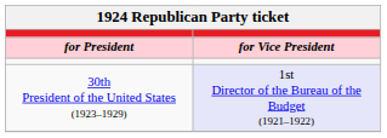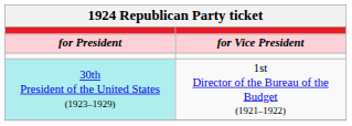 <table class="wikitable" style="font-size:90%; text-align:center;">
 <tr>
 <td style="background:#f1f1f1;" colspan="30"><big><strong>1924 Republican Party ticket</strong></big></td>
 </tr>
 <tr>
 <th style="width:3em; font-size:135%; background:#E81B23; width:200px;"><a href='#'></a></th>
 <th style="width:3em; font-size:135%; background:#E81B23; width:200px;"><a href='#'></a></th>
 </tr>
 <tr style="color:#000; font-size:100%; background:#FFD0D7;">
 <td style="width:3em; width:200px;"><strong><em>for President</em></strong></td>
 <td style="width:3em; width:200px;"><strong><em>for Vice President</em></strong></td>
 </tr>
 <tr>
 <td></td>
 <td></td>
 </tr>
 <tr>
-<td><a href='#'>30th</a><br><a href='#'>President of the United States</a><br><small>(1923–1929)</small></td>
-<td style="background: lavender;">1st<br><a href='#'>Director of the Bureau of the Budget</a><br><small>(1921–1922)</small></td>
+<td style="background: paleturquoise;"><a href='#'>30th</a><br><a href='#'>President of the United States</a><br><small>(1923–1929)</small></td>
+<td>1st<br><a href='#'>Director of the Bureau of the Budget</a><br><small>(1921–1922)</small></td>
 </tr>
 <tr>
 </tr>
 </table>
